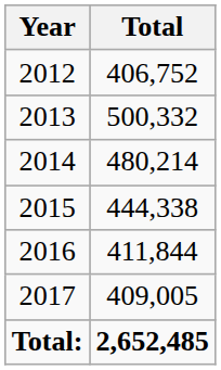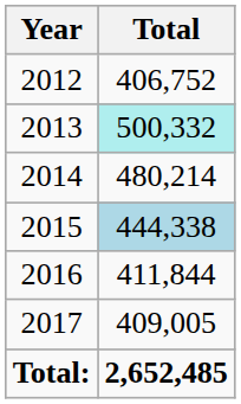 <table class="wikitable sortable" style="text-align: center;">
 <tr>
 <th>Year</th>
 <th>Total</th>
 </tr>
 <tr>
 <td>2012</td>
 <td>406,752</td>
 </tr>
 <tr>
 <td>2013</td>
-<td>500,332</td>
+<td style="background: paleturquoise;">500,332</td>
 </tr>
 <tr>
 <td>2014</td>
 <td>480,214</td>
 </tr>
 <tr>
 <td>2015</td>
-<td>444,338</td>
+<td style="background: lightblue;">444,338</td>
 </tr>
 <tr>
 <td>2016</td>
 <td>411,844</td>
 </tr>
 <tr>
 <td>2017</td>
 <td>409,005</td>
 </tr>
 <tr>
 <td><strong>Total:</strong></td>
 <td><strong>2,652,485</strong></td>
 </tr>
 </table>
